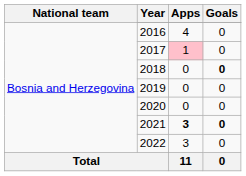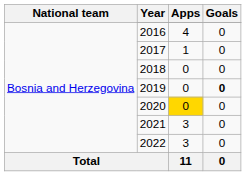 <table class="wikitable" style="text-align:center">
 <tr>
 <th>National team</th>
 <th>Year</th>
 <th>Apps</th>
 <th>Goals</th>
 </tr>
 <tr>
 <td rowspan=8><a href='#'>Bosnia and Herzegovina</a></td>
 </tr>
 <tr>
 <td>2016</td>
 <td>4</td>
 <td>0</td>
 </tr>
 <tr>
 <td>2017</td>
-<td style="background: pink;">1</td>
+<td>1</td>
 <td>0</td>
 </tr>
 <tr>
 <td>2018</td>
 <td>0</td>
-<td><strong>0</strong></td>
+<td>0</td>
 </tr>
 <tr>
 <td>2019</td>
 <td>0</td>
-<td>0</td>
+<td><strong>0</strong></td>
 </tr>
 <tr>
 <td>2020</td>
-<td>0</td>
+<td style="background: gold;">0</td>
 <td>0</td>
 </tr>
 <tr>
 <td>2021</td>
-<td><strong>3</strong></td>
-<td><strong>0</strong></td>
+<td>3</td>
+<td>0</td>
 </tr>
 <tr>
 <td>2022</td>
 <td>3</td>
 <td>0</td>
 </tr>
 <tr>
 <th colspan=2>Total</th>
 <th>11</th>
 <th>0</th>
 </tr>
 </table>
